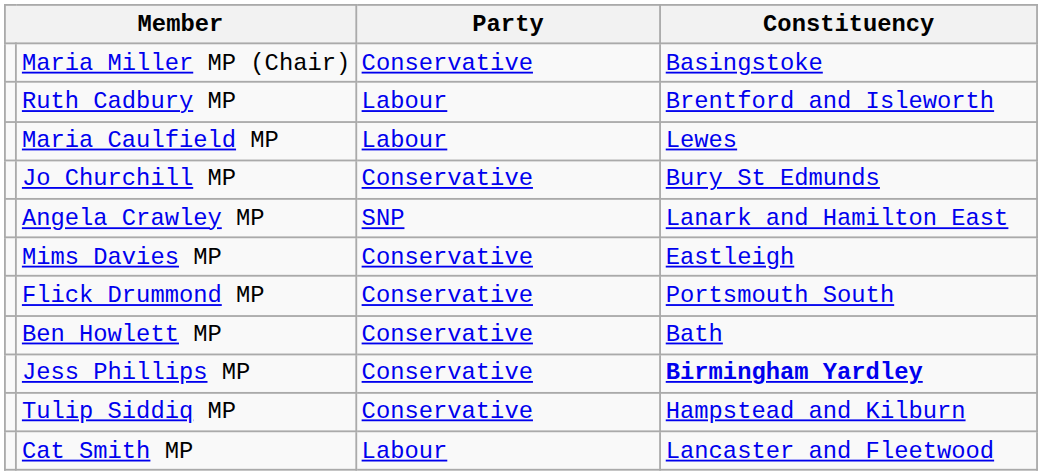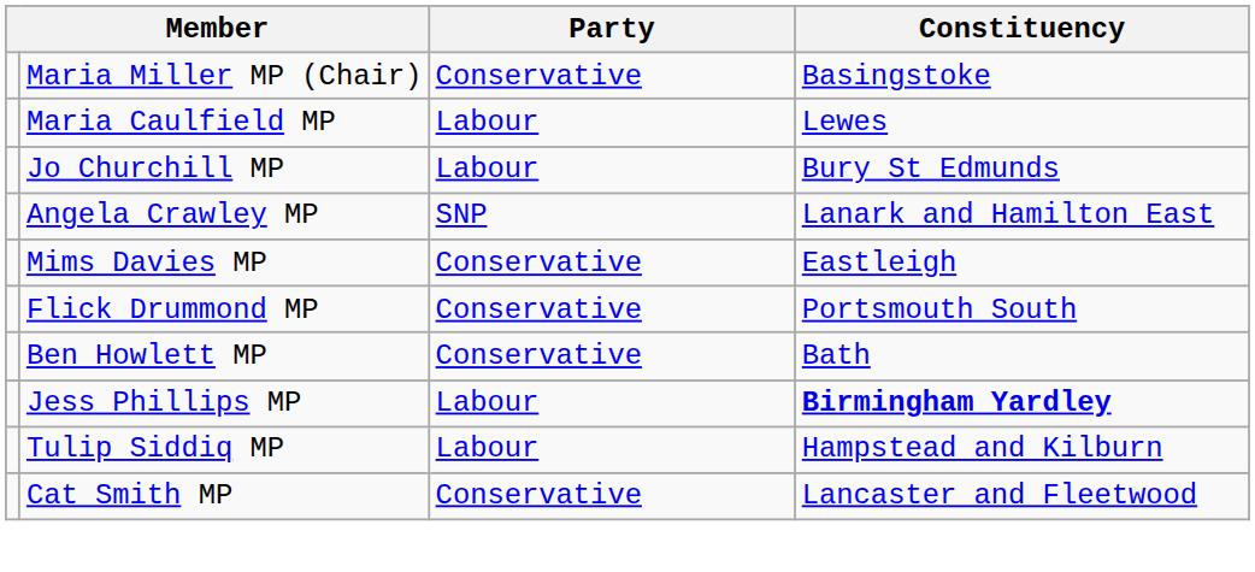 <table class="wikitable">
 <tr>
 <th colspan="2" width="160px" valign="top">Member</th>
 <th width="160px" valign="top">Party</th>
 <th width="200px" valign="top">Constituency</th>
 </tr>
 <tr>
 <td style="color:inherit;background:"></td>
 <td><a href='#'>Maria Miller</a> MP (Chair)</td>
 <td><a href='#'>Conservative</a></td>
 <td><a href='#'>Basingstoke</a></td>
 </tr>
 <tr>
 <td style="color:inherit;background:"></td>
-<td><a href='#'>Ruth Cadbury</a> MP</td>
-<td><a href='#'>Labour</a></td>
-<td><a href='#'>Brentford and Isleworth</a></td>
-</tr>
-<tr>
-<td style="color:inherit;background:"></td>
 <td><a href='#'>Maria Caulfield</a> MP</td>
 <td><a href='#'>Labour</a></td>
 <td><a href='#'>Lewes</a></td>
 </tr>
 <tr>
 <td style="color:inherit;background:"></td>
 <td><a href='#'>Jo Churchill</a> MP</td>
-<td><a href='#'>Conservative</a></td>
+<td><a href='#'>Labour</a></td>
 <td><a href='#'>Bury St Edmunds</a></td>
 </tr>
 <tr>
 <td style="color:inherit;background:"></td>
 <td><a href='#'>Angela Crawley</a> MP</td>
 <td><a href='#'>SNP</a></td>
 <td><a href='#'>Lanark and Hamilton East</a></td>
 </tr>
 <tr>
 <td style="color:inherit;background:"></td>
 <td><a href='#'>Mims Davies</a> MP</td>
 <td><a href='#'>Conservative</a></td>
 <td><a href='#'>Eastleigh</a></td>
 </tr>
 <tr>
 <td style="color:inherit;background:"></td>
 <td><a href='#'>Flick Drummond</a> MP</td>
 <td><a href='#'>Conservative</a></td>
 <td><a href='#'>Portsmouth South</a></td>
 </tr>
 <tr>
 <td style="color:inherit;background:"></td>
 <td><a href='#'>Ben Howlett</a> MP</td>
 <td><a href='#'>Conservative</a></td>
 <td><a href='#'>Bath</a></td>
 </tr>
 <tr>
 <td style="color:inherit;background:"></td>
 <td><a href='#'>Jess Phillips</a> MP</td>
-<td><a href='#'>Conservative</a></td>
+<td><a href='#'>Labour</a></td>
 <td><strong><a href='#'>Birmingham Yardley</a></strong></td>
 </tr>
 <tr>
 <td style="color:inherit;background:"></td>
 <td><a href='#'>Tulip Siddiq</a> MP</td>
-<td><a href='#'>Conservative</a></td>
+<td><a href='#'>Labour</a></td>
 <td><a href='#'>Hampstead and Kilburn</a></td>
 </tr>
 <tr>
 <td style="color:inherit;background:"></td>
 <td><a href='#'>Cat Smith</a> MP</td>
-<td><a href='#'>Labour</a></td>
+<td><a href='#'>Conservative</a></td>
 <td><a href='#'>Lancaster and Fleetwood</a></td>
 </tr>
 </table>
